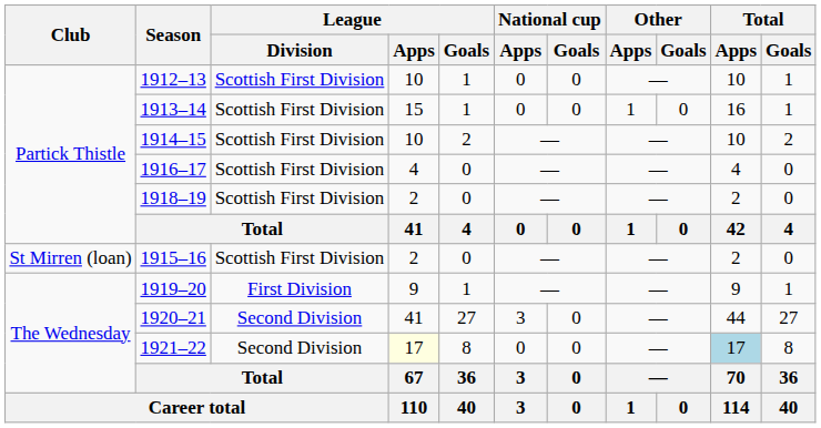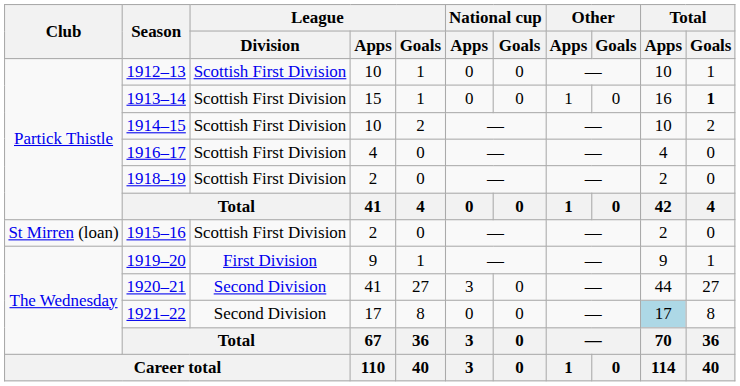 <table class="wikitable" style="text-align: center;">
 <tr>
 <th rowspan="2">Club</th>
 <th rowspan="2">Season</th>
 <th colspan="3">League</th>
 <th colspan="2">National cup</th>
 <th colspan="2">Other</th>
 <th colspan="2">Total</th>
 </tr>
 <tr>
 <th>Division</th>
 <th>Apps</th>
 <th>Goals</th>
 <th>Apps</th>
 <th>Goals</th>
 <th>Apps</th>
 <th>Goals</th>
 <th>Apps</th>
 <th>Goals</th>
 </tr>
 <tr>
 <td rowspan="6"><a href='#'>Partick Thistle</a></td>
 <td><a href='#'>1912–13</a></td>
 <td><a href='#'>Scottish First Division</a></td>
 <td>10</td>
 <td>1</td>
 <td>0</td>
 <td>0</td>
 <td colspan="2">―</td>
 <td>10</td>
 <td>1</td>
 </tr>
 <tr>
 <td><a href='#'>1913–14</a></td>
 <td>Scottish First Division</td>
 <td>15</td>
 <td>1</td>
 <td>0</td>
 <td>0</td>
 <td>1</td>
 <td>0</td>
 <td>16</td>
-<td>1</td>
+<td><strong>1</strong></td>
 </tr>
 <tr>
 <td><a href='#'>1914–15</a></td>
 <td>Scottish First Division</td>
 <td>10</td>
 <td>2</td>
 <td colspan="2">―</td>
 <td colspan="2">―</td>
 <td>10</td>
 <td>2</td>
 </tr>
 <tr>
 <td><a href='#'>1916–17</a></td>
 <td>Scottish First Division</td>
 <td>4</td>
 <td>0</td>
 <td colspan="2">―</td>
 <td colspan="2">―</td>
 <td>4</td>
 <td>0</td>
 </tr>
 <tr>
 <td><a href='#'>1918–19</a></td>
 <td>Scottish First Division</td>
 <td>2</td>
 <td>0</td>
 <td colspan="2">―</td>
 <td colspan="2">―</td>
 <td>2</td>
 <td>0</td>
 </tr>
 <tr>
 <th colspan="2">Total</th>
 <th>41</th>
 <th>4</th>
 <th>0</th>
 <th>0</th>
 <th>1</th>
 <th>0</th>
 <th>42</th>
 <th>4</th>
 </tr>
 <tr>
 <td><a href='#'>St Mirren</a> (loan)</td>
 <td><a href='#'>1915–16</a></td>
 <td>Scottish First Division</td>
 <td>2</td>
 <td>0</td>
 <td colspan="2">―</td>
 <td colspan="2">―</td>
 <td>2</td>
 <td>0</td>
 </tr>
 <tr>
 <td rowspan="4"><a href='#'>The Wednesday</a></td>
 <td><a href='#'>1919–20</a></td>
 <td><a href='#'>First Division</a></td>
 <td>9</td>
 <td>1</td>
 <td colspan="2">―</td>
 <td colspan="2">―</td>
 <td>9</td>
 <td>1</td>
 </tr>
 <tr>
 <td><a href='#'>1920–21</a></td>
 <td><a href='#'>Second Division</a></td>
 <td>41</td>
 <td>27</td>
 <td>3</td>
 <td>0</td>
 <td colspan="2">―</td>
 <td>44</td>
 <td>27</td>
 </tr>
 <tr>
 <td><a href='#'>1921–22</a></td>
 <td>Second Division</td>
-<td style="background: lightyellow;">17</td>
+<td>17</td>
 <td>8</td>
 <td>0</td>
 <td>0</td>
 <td colspan="2">―</td>
 <td style="background: lightblue;">17</td>
 <td>8</td>
 </tr>
 <tr>
 <th colspan="2">Total</th>
 <th>67</th>
 <th>36</th>
 <th>3</th>
 <th>0</th>
 <th colspan="2">―</th>
 <th>70</th>
 <th>36</th>
 </tr>
 <tr>
 <th colspan="3">Career total</th>
 <th>110</th>
 <th>40</th>
 <th>3</th>
 <th>0</th>
 <th>1</th>
 <th>0</th>
 <th>114</th>
 <th>40</th>
 </tr>
 </table>
